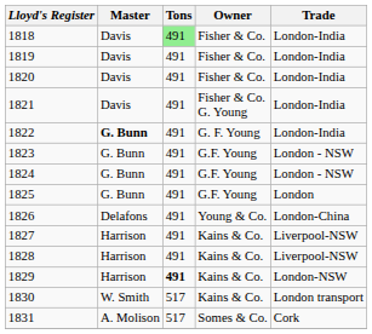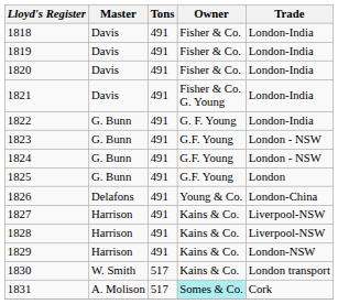 <table class="wikitable sortable" border="1">
 <tr>
 <th><em>Lloyd's Register</em></th>
 <th>Master</th>
 <th>Tons</th>
 <th>Owner</th>
 <th>Trade</th>
 </tr>
 <tr>
 <td>1818</td>
 <td>Davis</td>
-<td style="background: lightgreen;">491</td>
+<td>491</td>
 <td>Fisher & Co.</td>
 <td>London-India</td>
 </tr>
 <tr>
 <td>1819</td>
 <td>Davis</td>
 <td>491</td>
 <td>Fisher & Co.</td>
 <td>London-India</td>
 </tr>
 <tr>
 <td>1820</td>
 <td>Davis</td>
 <td>491</td>
 <td>Fisher & Co.</td>
 <td>London-India</td>
 </tr>
 <tr>
 <td>1821</td>
 <td>Davis</td>
 <td>491</td>
 <td>Fisher & Co.<br>G. Young</td>
 <td>London-India</td>
 </tr>
 <tr>
 <td>1822</td>
-<td><strong>G. Bunn</strong></td>
+<td>G. Bunn</td>
 <td>491</td>
 <td>G. F. Young</td>
 <td>London-India</td>
 </tr>
 <tr>
 <td>1823</td>
 <td>G. Bunn</td>
 <td>491</td>
 <td>G.F. Young</td>
 <td>London - NSW</td>
 </tr>
 <tr>
 <td>1824</td>
 <td>G. Bunn</td>
 <td>491</td>
 <td>G.F. Young</td>
 <td>London - NSW</td>
 </tr>
 <tr>
 <td>1825</td>
 <td>G. Bunn</td>
 <td>491</td>
 <td>G.F. Young</td>
 <td>London</td>
 </tr>
 <tr>
 <td>1826</td>
 <td>Delafons</td>
 <td>491</td>
 <td>Young & Co.</td>
 <td>London-China</td>
 </tr>
 <tr>
 <td>1827</td>
 <td>Harrison</td>
 <td>491</td>
 <td>Kains & Co.</td>
 <td>Liverpool-NSW</td>
 </tr>
 <tr>
 <td>1828</td>
 <td>Harrison</td>
 <td>491</td>
 <td>Kains & Co.</td>
 <td>Liverpool-NSW</td>
 </tr>
 <tr>
 <td>1829</td>
 <td>Harrison</td>
-<td><strong>491</strong></td>
+<td>491</td>
 <td>Kains & Co.</td>
 <td>London-NSW</td>
 </tr>
 <tr>
 <td>1830</td>
 <td>W. Smith</td>
 <td>517</td>
 <td>Kains & Co.</td>
 <td>London transport</td>
 </tr>
 <tr>
 <td>1831</td>
 <td>A. Molison</td>
 <td>517</td>
-<td>Somes & Co.</td>
+<td style="background: paleturquoise;">Somes & Co.</td>
 <td>Cork</td>
 </tr>
 <tr>
 </tr>
 </table>
